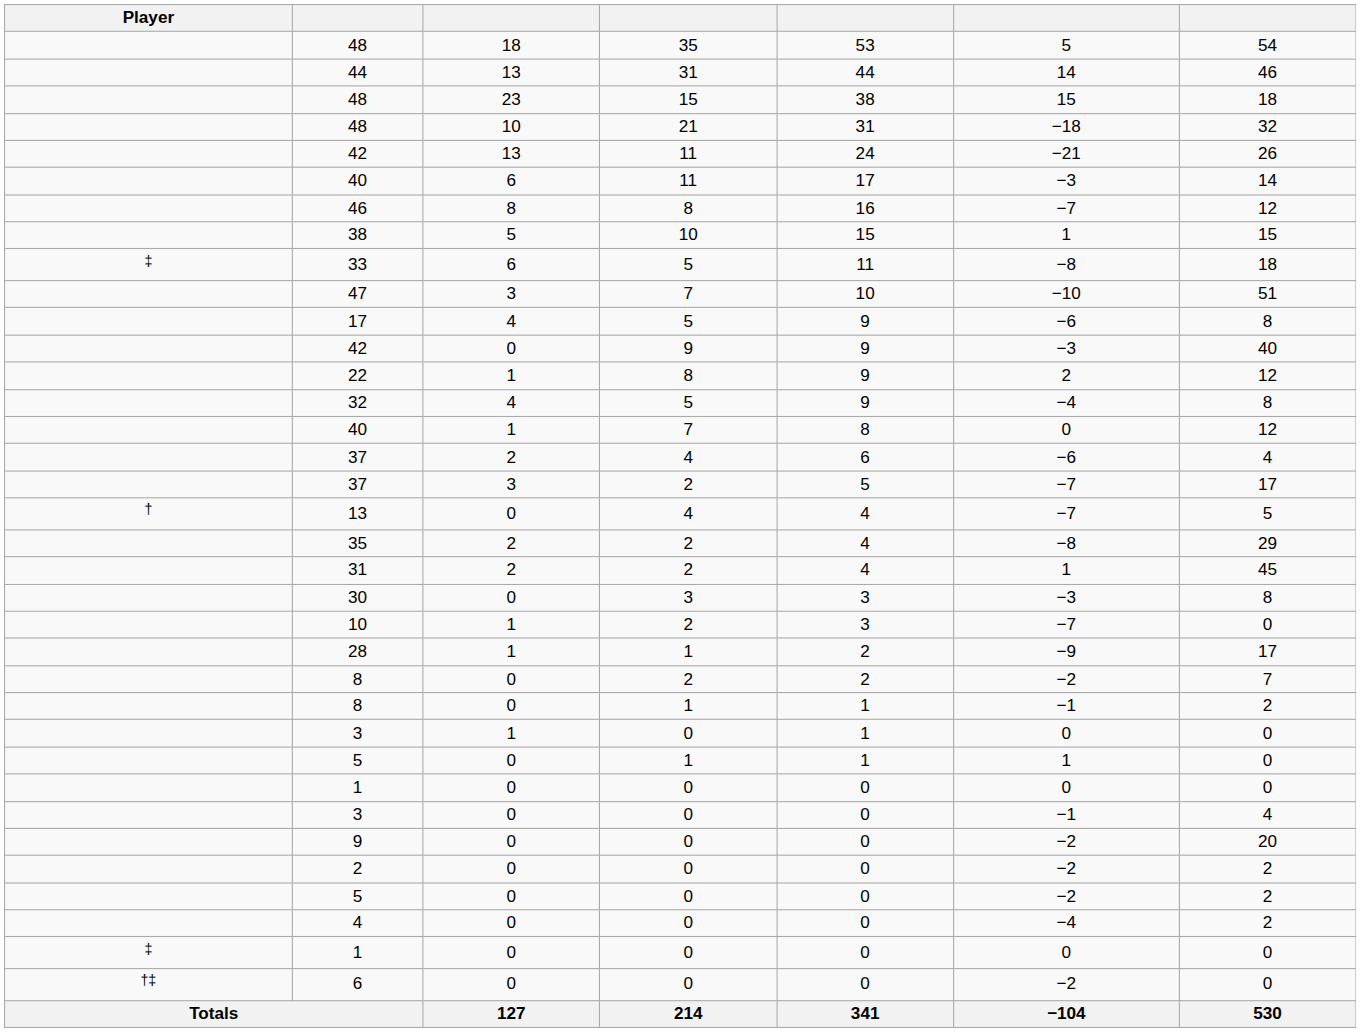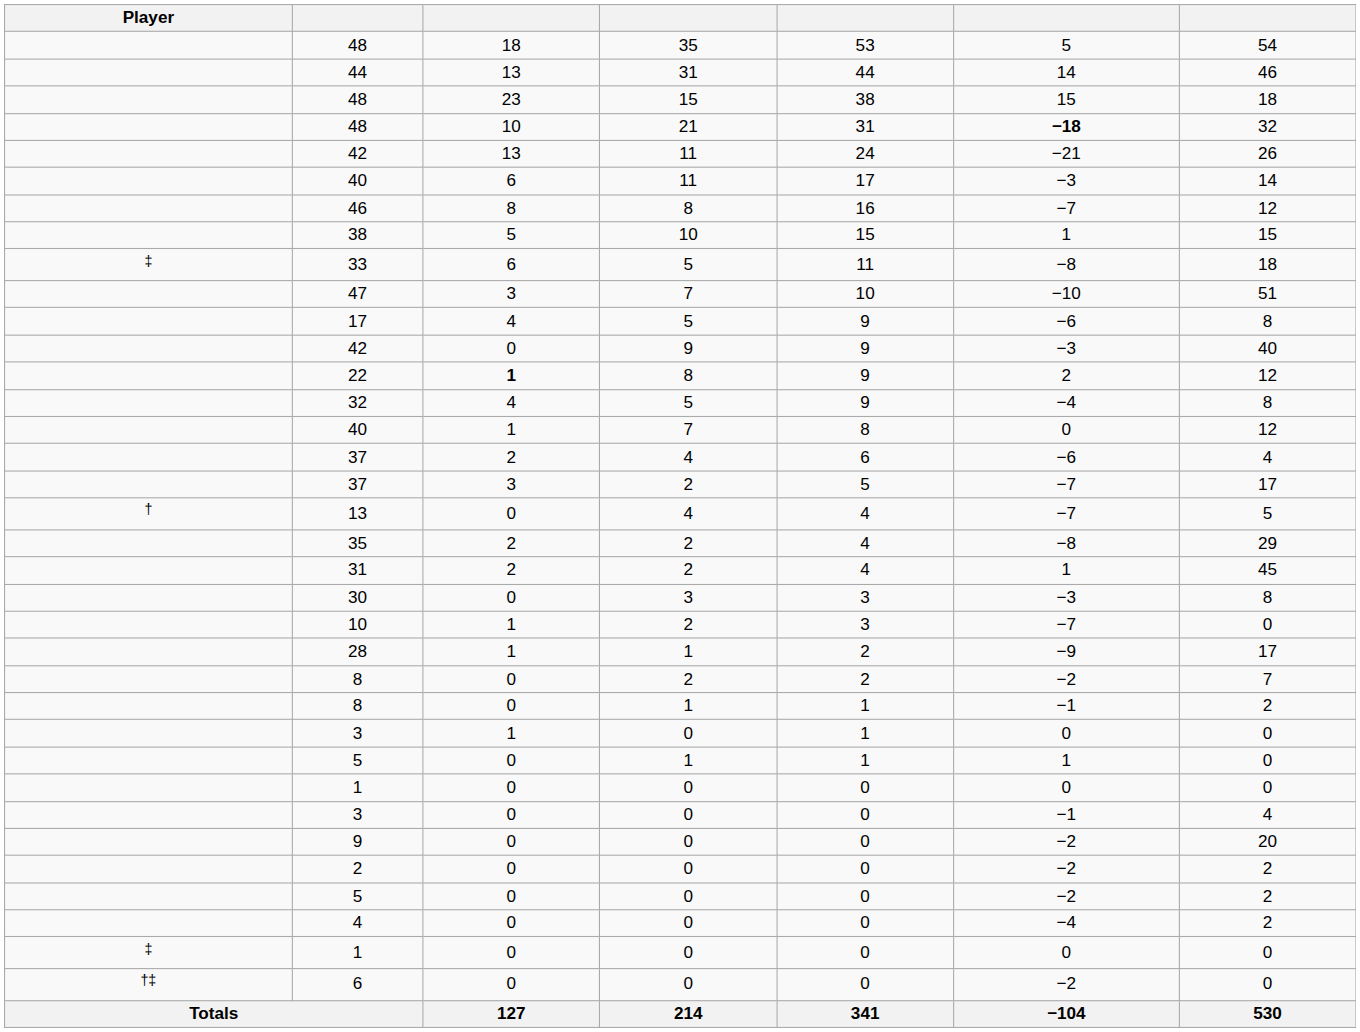 <table class="wikitable sortable" style="width:100%; text-align:center;">
 <tr>
 <th>Player</th>
 <th></th>
 <th></th>
 <th></th>
 <th></th>
 <th data-sort-type="number"></th>
 <th></th>
 </tr>
 <tr>
 <td></td>
 <td>48</td>
 <td>18</td>
 <td>35</td>
 <td>53</td>
 <td>5</td>
 <td>54</td>
 </tr>
 <tr>
 <td></td>
 <td>44</td>
 <td>13</td>
 <td>31</td>
 <td>44</td>
 <td>14</td>
 <td>46</td>
 </tr>
 <tr>
 <td></td>
 <td>48</td>
 <td>23</td>
 <td>15</td>
 <td>38</td>
 <td>15</td>
 <td>18</td>
 </tr>
 <tr>
 <td></td>
 <td>48</td>
 <td>10</td>
 <td>21</td>
 <td>31</td>
-<td>−18</td>
+<td><strong>−18</strong></td>
 <td>32</td>
 </tr>
 <tr>
 <td></td>
 <td>42</td>
 <td>13</td>
 <td>11</td>
 <td>24</td>
 <td>−21</td>
 <td>26</td>
 </tr>
 <tr>
 <td></td>
 <td>40</td>
 <td>6</td>
 <td>11</td>
 <td>17</td>
 <td>−3</td>
 <td>14</td>
 </tr>
 <tr>
 <td></td>
 <td>46</td>
 <td>8</td>
 <td>8</td>
 <td>16</td>
 <td>−7</td>
 <td>12</td>
 </tr>
 <tr>
 <td></td>
 <td>38</td>
 <td>5</td>
 <td>10</td>
 <td>15</td>
 <td>1</td>
 <td>15</td>
 </tr>
 <tr>
 <td><sup>‡</sup></td>
 <td>33</td>
 <td>6</td>
 <td>5</td>
 <td>11</td>
 <td>−8</td>
 <td>18</td>
 </tr>
 <tr>
 <td></td>
 <td>47</td>
 <td>3</td>
 <td>7</td>
 <td>10</td>
 <td>−10</td>
 <td>51</td>
 </tr>
 <tr>
 <td></td>
 <td>17</td>
 <td>4</td>
 <td>5</td>
 <td>9</td>
 <td>−6</td>
 <td>8</td>
 </tr>
 <tr>
 <td></td>
 <td>42</td>
 <td>0</td>
 <td>9</td>
 <td>9</td>
 <td>−3</td>
 <td>40</td>
 </tr>
 <tr>
 <td></td>
 <td>22</td>
-<td>1</td>
+<td><strong>1</strong></td>
 <td>8</td>
 <td>9</td>
 <td>2</td>
 <td>12</td>
 </tr>
 <tr>
 <td></td>
 <td>32</td>
 <td>4</td>
 <td>5</td>
 <td>9</td>
 <td>−4</td>
 <td>8</td>
 </tr>
 <tr>
 <td></td>
 <td>40</td>
 <td>1</td>
 <td>7</td>
 <td>8</td>
 <td>0</td>
 <td>12</td>
 </tr>
 <tr>
 <td></td>
 <td>37</td>
 <td>2</td>
 <td>4</td>
 <td>6</td>
 <td>−6</td>
 <td>4</td>
 </tr>
 <tr>
 <td></td>
 <td>37</td>
 <td>3</td>
 <td>2</td>
 <td>5</td>
 <td>−7</td>
 <td>17</td>
 </tr>
 <tr>
 <td><sup>†</sup></td>
 <td>13</td>
 <td>0</td>
 <td>4</td>
 <td>4</td>
 <td>−7</td>
 <td>5</td>
 </tr>
 <tr>
 <td></td>
 <td>35</td>
 <td>2</td>
 <td>2</td>
 <td>4</td>
 <td>−8</td>
 <td>29</td>
 </tr>
 <tr>
 <td></td>
 <td>31</td>
 <td>2</td>
 <td>2</td>
 <td>4</td>
 <td>1</td>
 <td>45</td>
 </tr>
 <tr>
 <td></td>
 <td>30</td>
 <td>0</td>
 <td>3</td>
 <td>3</td>
 <td>−3</td>
 <td>8</td>
 </tr>
 <tr>
 <td></td>
 <td>10</td>
 <td>1</td>
 <td>2</td>
 <td>3</td>
 <td>−7</td>
 <td>0</td>
 </tr>
 <tr>
 <td></td>
 <td>28</td>
 <td>1</td>
 <td>1</td>
 <td>2</td>
 <td>−9</td>
 <td>17</td>
 </tr>
 <tr>
 <td></td>
 <td>8</td>
 <td>0</td>
 <td>2</td>
 <td>2</td>
 <td>−2</td>
 <td>7</td>
 </tr>
 <tr>
 <td></td>
 <td>8</td>
 <td>0</td>
 <td>1</td>
 <td>1</td>
 <td>−1</td>
 <td>2</td>
 </tr>
 <tr>
 <td></td>
 <td>3</td>
 <td>1</td>
 <td>0</td>
 <td>1</td>
 <td>0</td>
 <td>0</td>
 </tr>
 <tr>
 <td></td>
 <td>5</td>
 <td>0</td>
 <td>1</td>
 <td>1</td>
 <td>1</td>
 <td>0</td>
 </tr>
 <tr>
 <td></td>
 <td>1</td>
 <td>0</td>
 <td>0</td>
 <td>0</td>
 <td>0</td>
 <td>0</td>
 </tr>
 <tr>
 <td></td>
 <td>3</td>
 <td>0</td>
 <td>0</td>
 <td>0</td>
 <td>−1</td>
 <td>4</td>
 </tr>
 <tr>
 <td></td>
 <td>9</td>
 <td>0</td>
 <td>0</td>
 <td>0</td>
 <td>−2</td>
 <td>20</td>
 </tr>
 <tr>
 <td></td>
 <td>2</td>
 <td>0</td>
 <td>0</td>
 <td>0</td>
 <td>−2</td>
 <td>2</td>
 </tr>
 <tr>
 <td></td>
 <td>5</td>
 <td>0</td>
 <td>0</td>
 <td>0</td>
 <td>−2</td>
 <td>2</td>
 </tr>
 <tr>
 <td></td>
 <td>4</td>
 <td>0</td>
 <td>0</td>
 <td>0</td>
 <td>−4</td>
 <td>2</td>
 </tr>
 <tr>
 <td><sup>‡</sup></td>
 <td>1</td>
 <td>0</td>
 <td>0</td>
 <td>0</td>
 <td>0</td>
 <td>0</td>
 </tr>
 <tr>
 <td><sup>†‡</sup></td>
 <td>6</td>
 <td>0</td>
 <td>0</td>
 <td>0</td>
 <td>−2</td>
 <td>0</td>
 </tr>
 <tr class="unsortable">
 <th colspan=2>Totals</th>
 <th>127</th>
 <th>214</th>
 <th>341</th>
 <th>−104</th>
 <th>530</th>
 </tr>
 </table>
